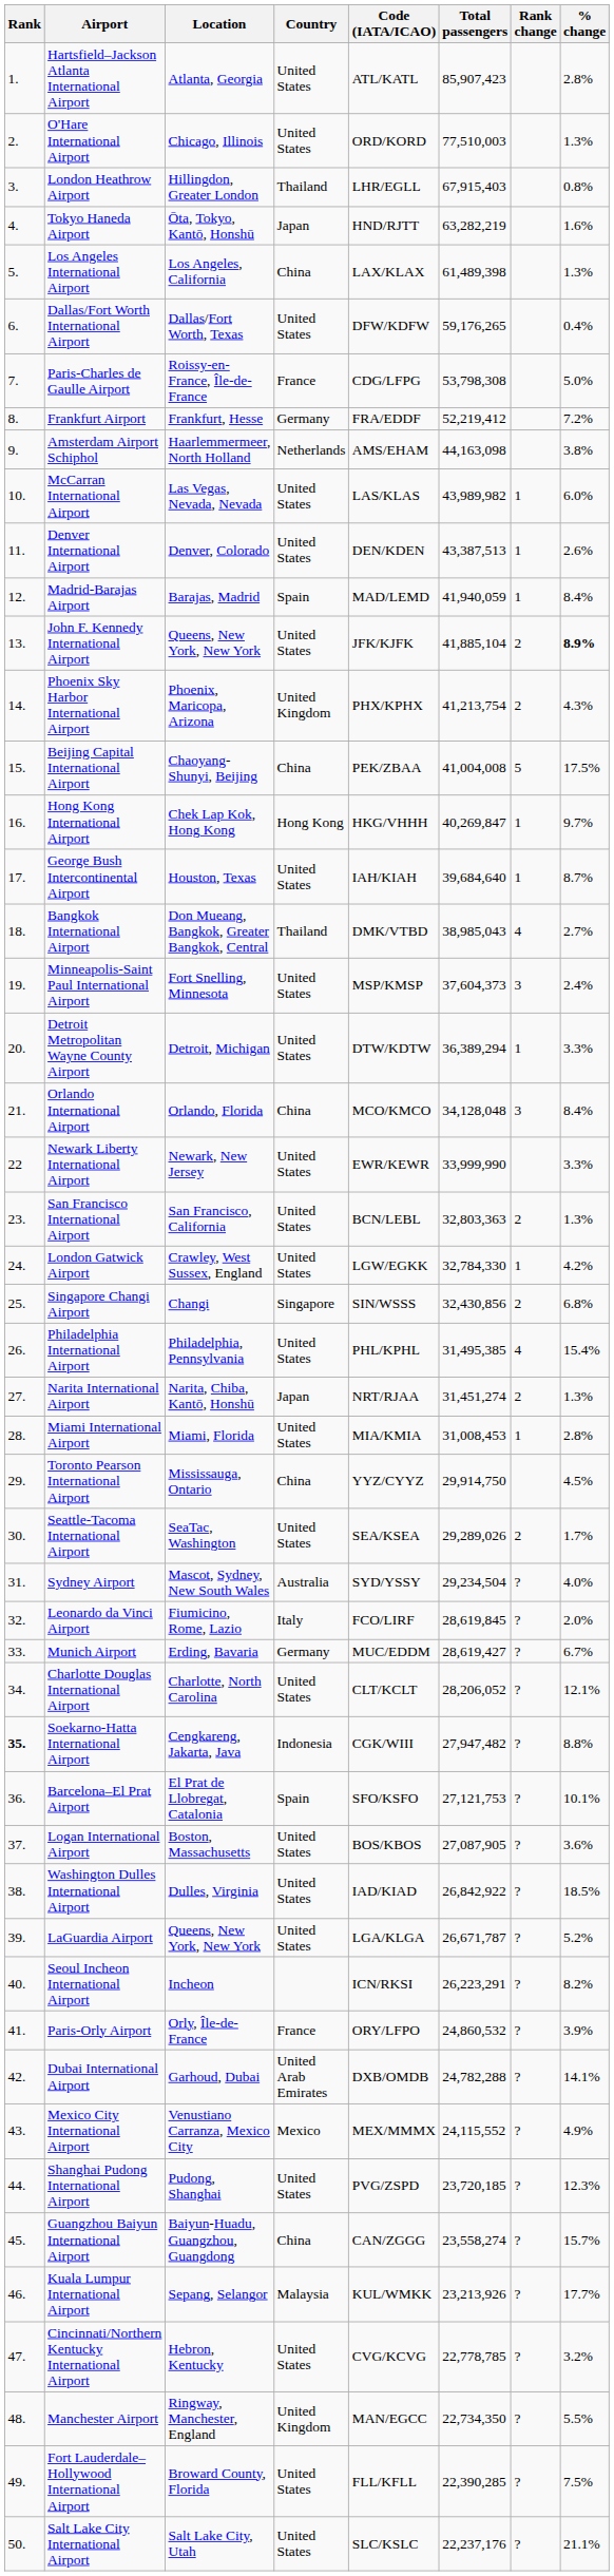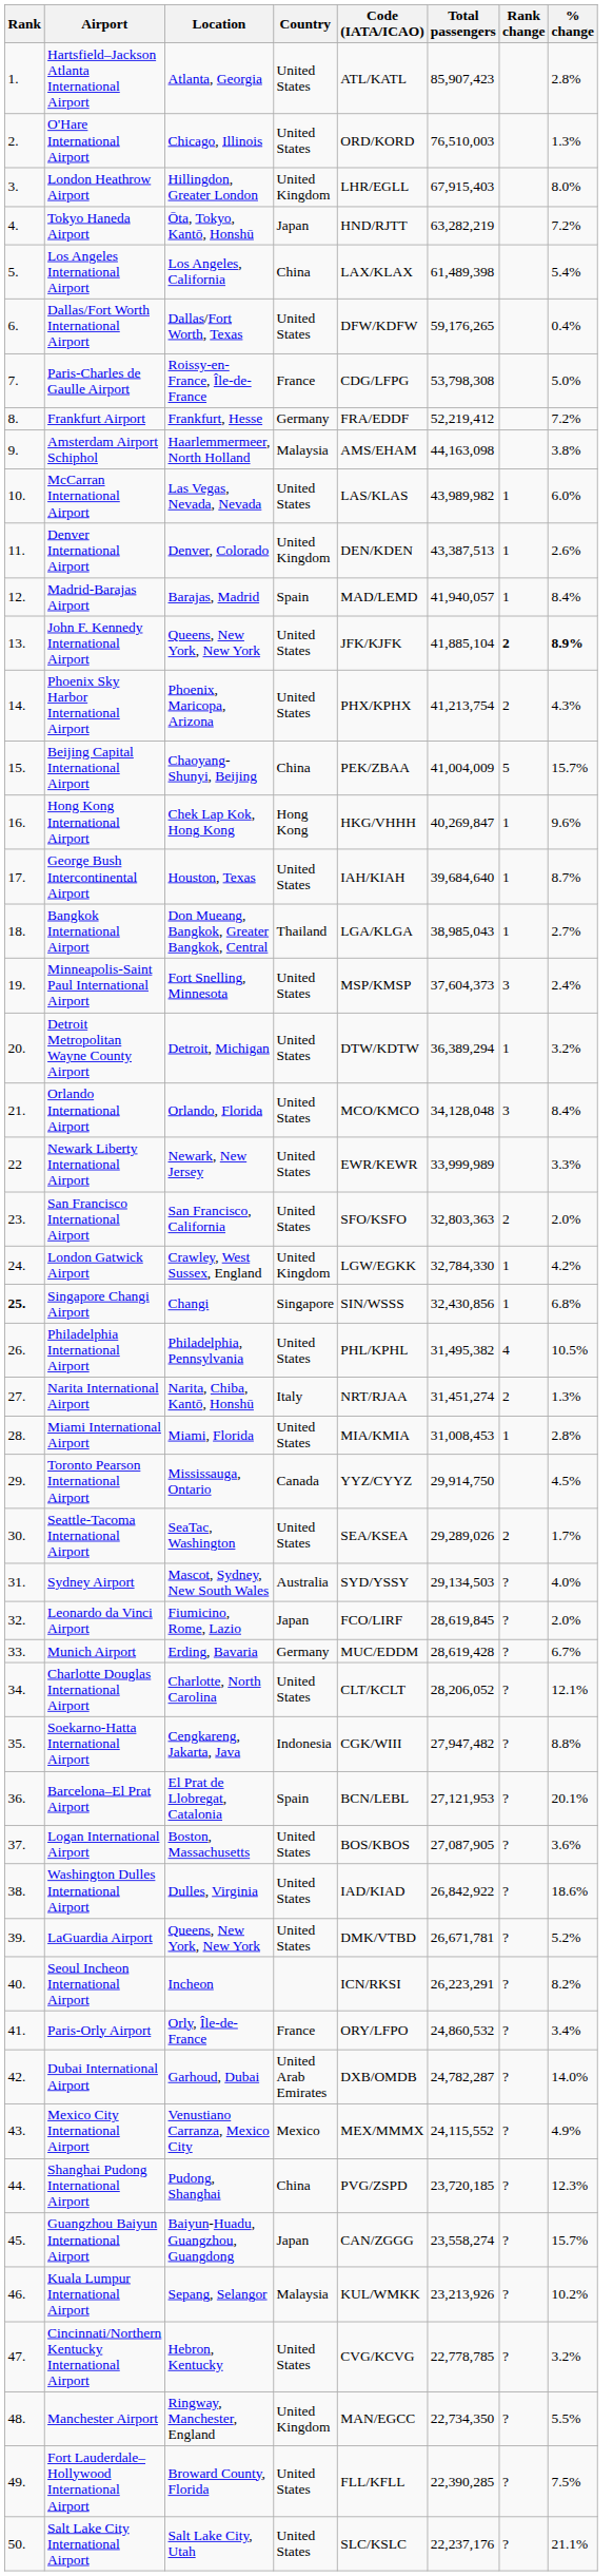 <table class="wikitable sortable" style="-size: 85%" width= align=>
 <tr style="background:lightgrey;">
 <th>Rank</th>
 <th>Airport</th>
 <th>Location</th>
 <th>Country</th>
 <th>Code<br>(IATA/ICAO)</th>
 <th>Total<br>passengers</th>
 <th>Rank<br>change</th>
 <th>%<br>change</th>
 </tr>
 <tr>
 <td>1.</td>
 <td> <a href='#'>Hartsfield–Jackson Atlanta International Airport</a></td>
 <td><a href='#'>Atlanta</a>, <a href='#'>Georgia</a></td>
 <td>United States</td>
 <td>ATL/KATL</td>
 <td>85,907,423</td>
 <td></td>
 <td> 2.8%</td>
 </tr>
 <tr>
 <td>2.</td>
 <td> <a href='#'>O'Hare International Airport</a></td>
 <td><a href='#'>Chicago</a>, <a href='#'>Illinois</a></td>
 <td>United States</td>
 <td>ORD/KORD</td>
-<td>77,510,003</td>
+<td>76,510,003</td>
 <td></td>
 <td>1.3%</td>
 </tr>
 <tr>
 <td>3.</td>
 <td> <a href='#'>London Heathrow Airport</a></td>
 <td><a href='#'>Hillingdon</a>, <a href='#'>Greater London</a></td>
-<td>Thailand</td>
+<td>United Kingdom</td>
 <td>LHR/EGLL</td>
 <td>67,915,403</td>
 <td></td>
-<td>0.8%</td>
+<td>8.0%</td>
 </tr>
 <tr>
 <td>4.</td>
 <td> <a href='#'>Tokyo Haneda Airport</a></td>
 <td><a href='#'>Ōta</a>, <a href='#'>Tokyo</a>, <a href='#'>Kantō</a>, <a href='#'>Honshū</a></td>
 <td>Japan</td>
 <td>HND/RJTT</td>
 <td>63,282,219</td>
 <td></td>
-<td>1.6%</td>
+<td>7.2%</td>
 </tr>
 <tr>
 <td>5.</td>
 <td> <a href='#'>Los Angeles International Airport</a></td>
 <td><a href='#'>Los Angeles</a>, <a href='#'>California</a></td>
 <td>China</td>
 <td>LAX/KLAX</td>
 <td>61,489,398</td>
 <td></td>
-<td>1.3%</td>
+<td>5.4%</td>
 </tr>
 <tr>
 <td>6.</td>
 <td> <a href='#'>Dallas/Fort Worth International Airport</a></td>
 <td><a href='#'>Dallas</a>/<a href='#'>Fort Worth</a>, <a href='#'>Texas</a></td>
 <td>United States</td>
 <td>DFW/KDFW</td>
 <td>59,176,265</td>
 <td></td>
 <td>0.4%</td>
 </tr>
 <tr>
 <td>7.</td>
 <td> <a href='#'>Paris-Charles de Gaulle Airport</a></td>
 <td><a href='#'>Roissy-en-France</a>, <a href='#'>Île-de-France</a></td>
 <td>France</td>
 <td>CDG/LFPG</td>
 <td>53,798,308</td>
 <td></td>
 <td>5.0%</td>
 </tr>
 <tr>
 <td>8.</td>
 <td> <a href='#'>Frankfurt Airport</a></td>
 <td><a href='#'>Frankfurt</a>, <a href='#'>Hesse</a></td>
 <td>Germany</td>
 <td>FRA/EDDF</td>
 <td>52,219,412</td>
 <td></td>
 <td>7.2%</td>
 </tr>
 <tr>
 <td>9.</td>
 <td> <a href='#'>Amsterdam Airport Schiphol</a></td>
 <td><a href='#'>Haarlemmermeer</a>, <a href='#'>North Holland</a></td>
-<td>Netherlands</td>
+<td>Malaysia</td>
 <td>AMS/EHAM</td>
 <td>44,163,098</td>
 <td></td>
 <td>3.8%</td>
 </tr>
 <tr>
 <td>10.</td>
 <td> <a href='#'>McCarran International Airport</a></td>
 <td><a href='#'>Las Vegas</a>, <a href='#'>Nevada</a>, <a href='#'>Nevada</a></td>
 <td>United States</td>
 <td>LAS/KLAS</td>
 <td>43,989,982</td>
 <td>1</td>
 <td>6.0%</td>
 </tr>
 <tr>
 <td>11.</td>
 <td> <a href='#'>Denver International Airport</a></td>
 <td><a href='#'>Denver</a>, <a href='#'>Colorado</a></td>
-<td>United States</td>
+<td>United Kingdom</td>
 <td>DEN/KDEN</td>
 <td>43,387,513</td>
 <td>1</td>
 <td>2.6%</td>
 </tr>
 <tr>
 <td>12.</td>
 <td> <a href='#'>Madrid-Barajas Airport</a></td>
 <td><a href='#'>Barajas</a>, <a href='#'>Madrid</a></td>
 <td>Spain</td>
 <td>MAD/LEMD</td>
-<td>41,940,059</td>
+<td>41,940,057</td>
 <td>1</td>
 <td>8.4%</td>
 </tr>
 <tr>
 <td>13.</td>
 <td> <a href='#'>John F. Kennedy International Airport</a></td>
 <td><a href='#'>Queens</a>, <a href='#'>New York</a>, <a href='#'>New York</a></td>
 <td>United States</td>
 <td>JFK/KJFK</td>
 <td>41,885,104</td>
-<td>2</td>
+<td><strong>2</strong></td>
 <td><strong>8.9%</strong></td>
 </tr>
 <tr>
 <td>14.</td>
 <td> <a href='#'>Phoenix Sky Harbor International Airport</a></td>
 <td><a href='#'>Phoenix</a>, <a href='#'>Maricopa</a>, <a href='#'>Arizona</a></td>
-<td>United Kingdom</td>
+<td>United States</td>
 <td>PHX/KPHX</td>
 <td>41,213,754</td>
 <td>2</td>
 <td>4.3%</td>
 </tr>
 <tr>
 <td>15.</td>
 <td> <a href='#'>Beijing Capital International Airport</a></td>
 <td><a href='#'>Chaoyang</a>-<a href='#'>Shunyi</a>, <a href='#'>Beijing</a></td>
 <td>China</td>
 <td>PEK/ZBAA</td>
-<td>41,004,008</td>
+<td>41,004,009</td>
 <td>5</td>
-<td>17.5%</td>
+<td>15.7%</td>
 </tr>
 <tr>
 <td>16.</td>
 <td> <a href='#'>Hong Kong International Airport</a></td>
 <td><a href='#'>Chek Lap Kok</a>, <a href='#'>Hong Kong</a></td>
 <td>Hong Kong</td>
 <td>HKG/VHHH</td>
 <td>40,269,847</td>
 <td>1</td>
-<td>9.7%</td>
+<td>9.6%</td>
 </tr>
 <tr>
 <td>17.</td>
 <td> <a href='#'>George Bush Intercontinental Airport</a></td>
 <td><a href='#'>Houston</a>, <a href='#'>Texas</a></td>
 <td>United States</td>
 <td>IAH/KIAH</td>
 <td>39,684,640</td>
 <td>1</td>
 <td>8.7%</td>
 </tr>
 <tr>
 <td>18.</td>
 <td> <a href='#'>Bangkok International Airport</a></td>
 <td><a href='#'>Don Mueang</a>, <a href='#'>Bangkok</a>, <a href='#'>Greater Bangkok</a>, <a href='#'>Central</a></td>
 <td>Thailand</td>
-<td>DMK/VTBD</td>
+<td>LGA/KLGA</td>
 <td>38,985,043</td>
-<td>4</td>
+<td>1</td>
 <td>2.7%</td>
 </tr>
 <tr>
 <td>19.</td>
 <td> <a href='#'>Minneapolis-Saint Paul International Airport</a></td>
 <td><a href='#'>Fort Snelling</a>, <a href='#'>Minnesota</a></td>
 <td>United States</td>
 <td>MSP/KMSP</td>
 <td>37,604,373</td>
 <td>3</td>
 <td>2.4%</td>
 </tr>
 <tr>
 <td>20.</td>
 <td> <a href='#'>Detroit Metropolitan Wayne County Airport</a></td>
 <td><a href='#'>Detroit</a>, <a href='#'>Michigan</a></td>
 <td>United States</td>
 <td>DTW/KDTW</td>
 <td>36,389,294</td>
 <td>1</td>
-<td>3.3%</td>
+<td>3.2%</td>
 </tr>
 <tr>
 <td>21.</td>
 <td> <a href='#'>Orlando International Airport</a></td>
 <td><a href='#'>Orlando</a>, <a href='#'>Florida</a></td>
-<td>China</td>
+<td>United States</td>
 <td>MCO/KMCO</td>
 <td>34,128,048</td>
 <td>3</td>
 <td>8.4%</td>
 </tr>
 <tr>
 <td>22</td>
 <td> <a href='#'>Newark Liberty International Airport</a></td>
 <td><a href='#'>Newark</a>, <a href='#'>New Jersey</a></td>
 <td>United States</td>
 <td>EWR/KEWR</td>
-<td>33,999,990</td>
+<td>33,999,989</td>
 <td></td>
 <td>3.3%</td>
 </tr>
 <tr>
 <td>23.</td>
 <td> <a href='#'>San Francisco International Airport</a></td>
 <td><a href='#'>San Francisco</a>, <a href='#'>California</a></td>
 <td>United States</td>
-<td>BCN/LEBL</td>
+<td>SFO/KSFO</td>
 <td>32,803,363</td>
 <td>2</td>
-<td>1.3%</td>
+<td>2.0%</td>
 </tr>
 <tr>
 <td>24.</td>
 <td> <a href='#'>London Gatwick Airport</a></td>
 <td><a href='#'>Crawley</a>, <a href='#'>West Sussex</a>, England</td>
-<td>United States</td>
+<td>United Kingdom</td>
 <td>LGW/EGKK</td>
 <td>32,784,330</td>
 <td>1</td>
 <td>4.2%</td>
 </tr>
 <tr>
-<td>25.</td>
+<td><strong>25.</strong></td>
 <td><a href='#'>Singapore Changi Airport</a></td>
 <td><a href='#'>Changi</a></td>
 <td>Singapore</td>
 <td>SIN/WSSS</td>
 <td>32,430,856</td>
-<td>2</td>
+<td>1</td>
 <td>6.8%</td>
 </tr>
 <tr>
 <td>26.</td>
 <td> <a href='#'>Philadelphia International Airport</a></td>
 <td><a href='#'>Philadelphia</a>, <a href='#'>Pennsylvania</a></td>
 <td>United States</td>
 <td>PHL/KPHL</td>
-<td>31,495,385</td>
+<td>31,495,382</td>
 <td>4</td>
-<td>15.4%</td>
+<td>10.5%</td>
 </tr>
 <tr>
 <td>27.</td>
 <td> <a href='#'>Narita International Airport</a></td>
 <td><a href='#'>Narita</a>, <a href='#'>Chiba</a>, <a href='#'>Kantō</a>, <a href='#'>Honshū</a></td>
-<td>Japan</td>
+<td>Italy</td>
 <td>NRT/RJAA</td>
 <td>31,451,274</td>
 <td>2</td>
 <td>1.3%</td>
 </tr>
 <tr>
 <td>28.</td>
 <td> <a href='#'>Miami International Airport</a></td>
 <td><a href='#'>Miami</a>, <a href='#'>Florida</a></td>
 <td>United States</td>
 <td>MIA/KMIA</td>
 <td>31,008,453</td>
 <td>1</td>
 <td>2.8%</td>
 </tr>
 <tr>
 <td>29.</td>
 <td> <a href='#'>Toronto Pearson International Airport</a></td>
 <td><a href='#'>Mississauga</a>, <a href='#'>Ontario</a></td>
-<td>China</td>
+<td>Canada</td>
 <td>YYZ/CYYZ</td>
 <td>29,914,750</td>
 <td></td>
 <td>4.5%</td>
 </tr>
 <tr>
 <td>30.</td>
 <td> <a href='#'>Seattle-Tacoma International Airport</a></td>
 <td><a href='#'>SeaTac</a>, <a href='#'>Washington</a></td>
 <td>United States</td>
 <td>SEA/KSEA</td>
 <td>29,289,026</td>
 <td>2</td>
 <td>1.7%</td>
 </tr>
 <tr>
 <td>31.</td>
 <td> <a href='#'>Sydney Airport</a></td>
 <td><a href='#'>Mascot</a>, <a href='#'>Sydney</a>, <a href='#'>New South Wales</a></td>
 <td>Australia</td>
 <td>SYD/YSSY</td>
-<td>29,234,504</td>
+<td>29,134,503</td>
 <td>?</td>
 <td>4.0%</td>
 </tr>
 <tr>
 <td>32.</td>
 <td> <a href='#'>Leonardo da Vinci Airport</a></td>
 <td><a href='#'>Fiumicino</a>, <a href='#'>Rome</a>, <a href='#'>Lazio</a></td>
-<td>Italy</td>
+<td>Japan</td>
 <td>FCO/LIRF</td>
 <td>28,619,845</td>
 <td>?</td>
 <td>2.0%</td>
 </tr>
 <tr>
 <td>33.</td>
 <td> <a href='#'>Munich Airport</a></td>
 <td><a href='#'>Erding</a>, <a href='#'>Bavaria</a></td>
 <td>Germany</td>
 <td>MUC/EDDM</td>
-<td>28,619,427</td>
+<td>28,619,428</td>
 <td>?</td>
 <td>6.7%</td>
 </tr>
 <tr>
 <td>34.</td>
 <td> <a href='#'>Charlotte Douglas International Airport</a></td>
 <td><a href='#'>Charlotte</a>, <a href='#'>North Carolina</a></td>
 <td>United States</td>
 <td>CLT/KCLT</td>
 <td>28,206,052</td>
 <td>?</td>
 <td>12.1%</td>
 </tr>
 <tr>
-<td><strong>35.</strong></td>
+<td>35.</td>
 <td> <a href='#'>Soekarno-Hatta International Airport</a></td>
 <td><a href='#'>Cengkareng</a>, <a href='#'>Jakarta</a>, <a href='#'>Java</a></td>
 <td>Indonesia</td>
 <td>CGK/WIII</td>
 <td>27,947,482</td>
 <td>?</td>
 <td>8.8%</td>
 </tr>
 <tr>
 <td>36.</td>
 <td> <a href='#'>Barcelona–El Prat Airport</a></td>
 <td><a href='#'>El Prat de Llobregat</a>, <a href='#'>Catalonia</a></td>
 <td>Spain</td>
-<td>SFO/KSFO</td>
-<td>27,121,753</td>
+<td>BCN/LEBL</td>
+<td>27,121,953</td>
 <td>?</td>
-<td>10.1%</td>
+<td>20.1%</td>
 </tr>
 <tr>
 <td>37.</td>
 <td> <a href='#'>Logan International Airport</a></td>
 <td><a href='#'>Boston</a>, <a href='#'>Massachusetts</a></td>
 <td>United States</td>
 <td>BOS/KBOS</td>
 <td>27,087,905</td>
 <td>?</td>
 <td>3.6%</td>
 </tr>
 <tr>
 <td>38.</td>
 <td> <a href='#'>Washington Dulles International Airport</a></td>
 <td><a href='#'>Dulles</a>, <a href='#'>Virginia</a></td>
 <td>United States</td>
 <td>IAD/KIAD</td>
 <td>26,842,922</td>
 <td>?</td>
-<td>18.5%</td>
+<td>18.6%</td>
 </tr>
 <tr>
 <td>39.</td>
 <td> <a href='#'>LaGuardia Airport</a></td>
 <td><a href='#'>Queens</a>, <a href='#'>New York</a>, <a href='#'>New York</a></td>
 <td>United States</td>
-<td>LGA/KLGA</td>
-<td>26,671,787</td>
+<td>DMK/VTBD</td>
+<td>26,671,781</td>
 <td>?</td>
 <td>5.2%</td>
 </tr>
 <tr>
 <td>40.</td>
 <td> <a href='#'>Seoul Incheon International Airport</a></td>
 <td><a href='#'>Incheon</a></td>
 <td></td>
 <td>ICN/RKSI</td>
 <td>26,223,291</td>
 <td>?</td>
 <td>8.2%</td>
 </tr>
 <tr>
 <td>41.</td>
 <td> <a href='#'>Paris-Orly Airport</a></td>
 <td><a href='#'>Orly</a>, <a href='#'>Île-de-France</a></td>
 <td>France</td>
 <td>ORY/LFPO</td>
 <td>24,860,532</td>
 <td>?</td>
-<td>3.9%</td>
+<td>3.4%</td>
 </tr>
 <tr>
 <td>42.</td>
 <td> <a href='#'>Dubai International Airport</a></td>
 <td><a href='#'>Garhoud</a>, <a href='#'>Dubai</a></td>
 <td>United Arab Emirates</td>
 <td>DXB/OMDB</td>
-<td>24,782,288</td>
+<td>24,782,287</td>
 <td>?</td>
-<td>14.1%</td>
+<td>14.0%</td>
 </tr>
 <tr>
 <td>43.</td>
 <td> <a href='#'>Mexico City International Airport</a></td>
 <td><a href='#'>Venustiano Carranza</a>, <a href='#'>Mexico City</a></td>
 <td>Mexico</td>
 <td>MEX/MMMX</td>
 <td>24,115,552</td>
 <td>?</td>
 <td>4.9%</td>
 </tr>
 <tr>
 <td>44.</td>
 <td> <a href='#'>Shanghai Pudong International Airport</a></td>
 <td><a href='#'>Pudong</a>, <a href='#'>Shanghai</a></td>
-<td>United States</td>
+<td>China</td>
 <td>PVG/ZSPD</td>
 <td>23,720,185</td>
 <td>?</td>
 <td>12.3%</td>
 </tr>
 <tr>
 <td>45.</td>
 <td> <a href='#'>Guangzhou Baiyun International Airport</a></td>
 <td><a href='#'>Baiyun</a>-<a href='#'>Huadu</a>, <a href='#'>Guangzhou</a>, <a href='#'>Guangdong</a></td>
-<td>China</td>
+<td>Japan</td>
 <td>CAN/ZGGG</td>
 <td>23,558,274</td>
 <td>?</td>
 <td>15.7%</td>
 </tr>
 <tr>
 <td>46.</td>
 <td> <a href='#'>Kuala Lumpur International Airport</a></td>
 <td><a href='#'>Sepang</a>, <a href='#'>Selangor</a></td>
 <td>Malaysia</td>
 <td>KUL/WMKK</td>
 <td>23,213,926</td>
 <td>?</td>
-<td>17.7%</td>
+<td>10.2%</td>
 </tr>
 <tr>
 <td>47.</td>
 <td> <a href='#'>Cincinnati/Northern Kentucky International Airport</a></td>
 <td><a href='#'>Hebron</a>, <a href='#'>Kentucky</a></td>
 <td>United States</td>
 <td>CVG/KCVG</td>
 <td>22,778,785</td>
 <td>?</td>
 <td>3.2%</td>
 </tr>
 <tr>
 <td>48.</td>
 <td> <a href='#'>Manchester Airport</a></td>
 <td><a href='#'>Ringway</a>, <a href='#'>Manchester</a>, England</td>
 <td>United Kingdom</td>
 <td>MAN/EGCC</td>
 <td>22,734,350</td>
 <td>?</td>
 <td>5.5%</td>
 </tr>
 <tr>
 <td>49.</td>
 <td> <a href='#'>Fort Lauderdale–Hollywood International Airport</a></td>
 <td><a href='#'>Broward County</a>, <a href='#'>Florida</a></td>
 <td>United States</td>
 <td>FLL/KFLL</td>
 <td>22,390,285</td>
 <td>?</td>
 <td>7.5%</td>
 </tr>
 <tr>
 <td>50.</td>
 <td> <a href='#'>Salt Lake City International Airport</a></td>
 <td><a href='#'>Salt Lake City</a>, <a href='#'>Utah</a></td>
 <td>United States</td>
 <td>SLC/KSLC</td>
 <td>22,237,176</td>
 <td>?</td>
 <td>21.1%</td>
 </tr>
 </table>
